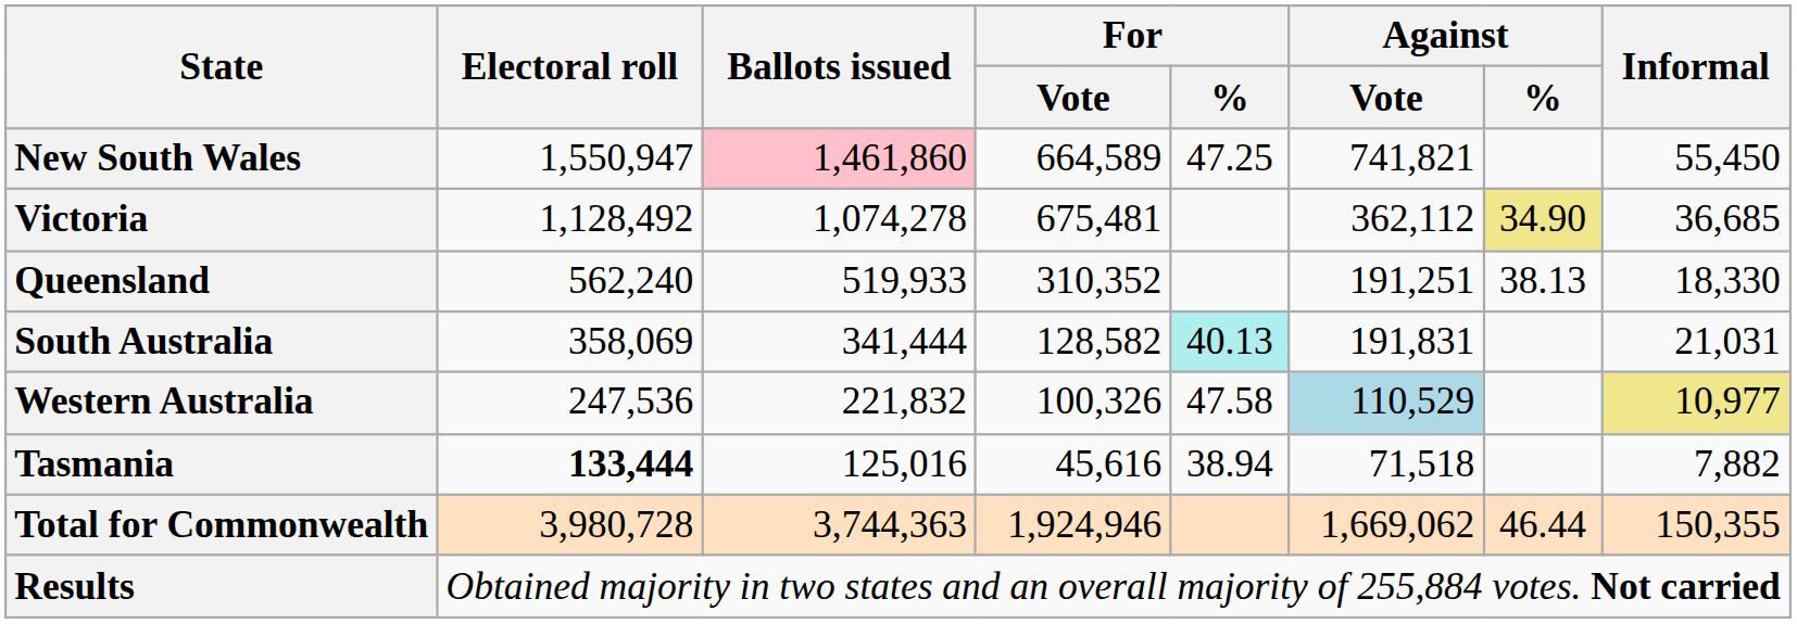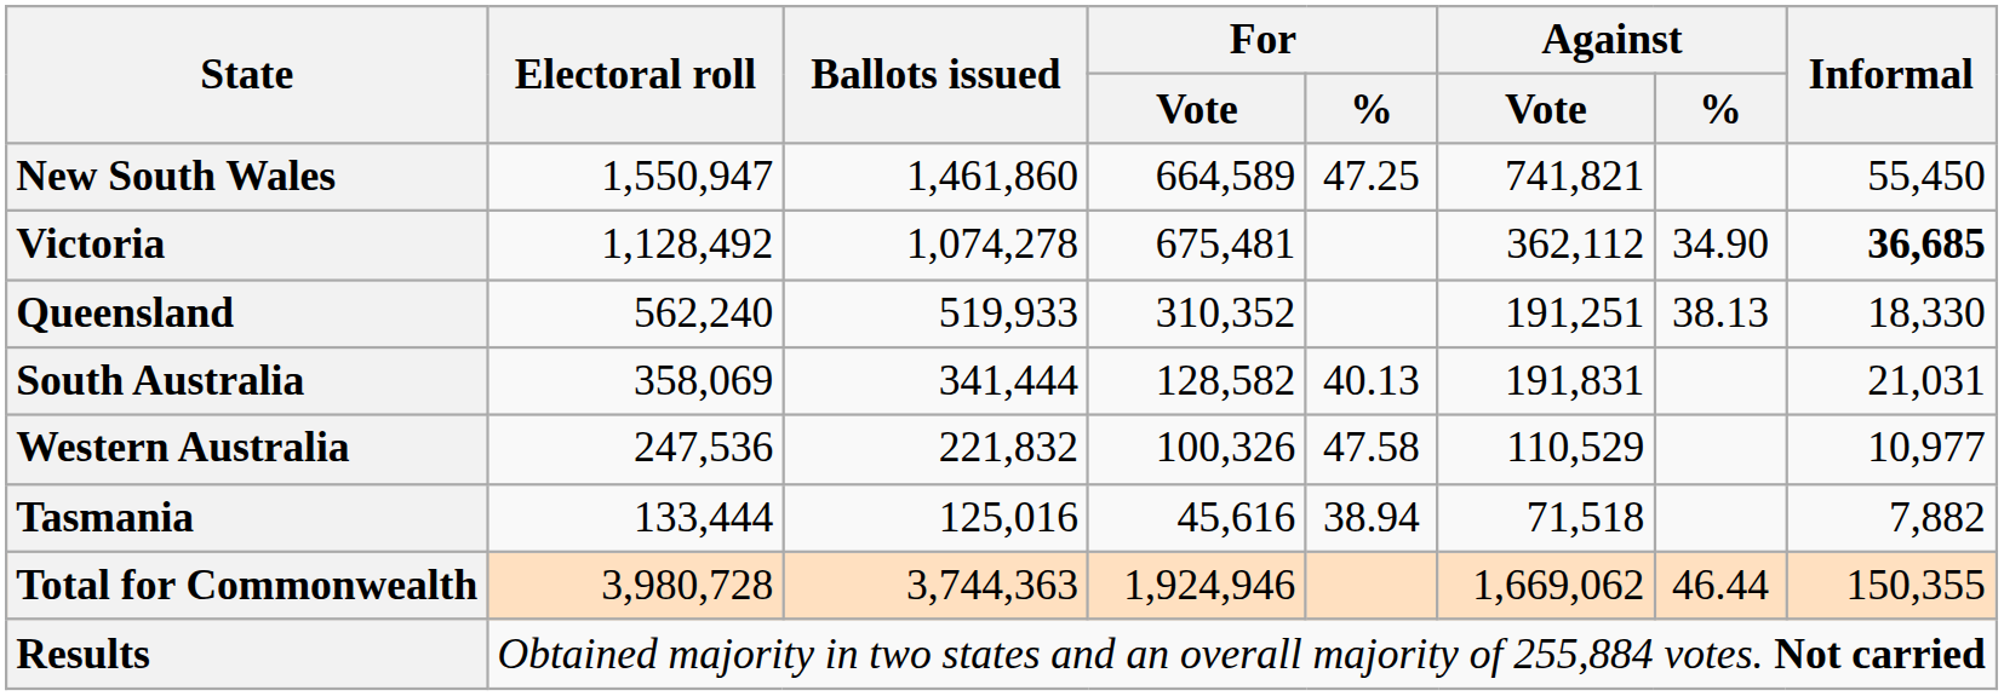 <table class="wikitable">
 <tr align=center>
 <th rowspan="2">State</th>
 <th rowspan="2">Electoral roll</th>
 <th rowspan="2">Ballots issued</th>
 <th align=center colspan="2">For</th>
 <th align=center colspan="2">Against</th>
 <th align=center rowspan="2">Informal</th>
 </tr>
 <tr>
 <th align=center>Vote</th>
 <th align=center>%</th>
 <th align=center>Vote</th>
 <th align=center>%</th>
 </tr>
 <tr align="right">
 <th style="text-align:left;">New South Wales</th>
 <td>1,550,947</td>
-<td style="background: pink;">1,461,860</td>
+<td>1,461,860</td>
 <td>664,589</td>
 <td align="center">47.25</td>
 <td>741,821</td>
 <td></td>
 <td>55,450</td>
 </tr>
 <tr align="right">
 <th style="text-align:left;">Victoria</th>
 <td>1,128,492</td>
 <td>1,074,278</td>
 <td>675,481</td>
 <td></td>
 <td>362,112</td>
-<td align="center" style="background: khaki;">34.90</td>
-<td>36,685</td>
+<td align="center">34.90</td>
+<td><strong>36,685</strong></td>
 </tr>
 <tr align="right">
 <th style="text-align:left;">Queensland</th>
 <td>562,240</td>
 <td>519,933</td>
 <td>310,352</td>
 <td></td>
 <td>191,251</td>
 <td align="center">38.13</td>
 <td>18,330</td>
 </tr>
 <tr align="right">
 <th style="text-align:left;">South Australia</th>
 <td>358,069</td>
 <td>341,444</td>
 <td>128,582</td>
-<td align="center" style="background: paleturquoise;">40.13</td>
+<td align="center">40.13</td>
 <td>191,831</td>
 <td></td>
 <td>21,031</td>
 </tr>
 <tr align="right">
 <th style="text-align:left;">Western Australia</th>
 <td>247,536</td>
 <td>221,832</td>
 <td>100,326</td>
 <td align="center">47.58</td>
-<td style="background: lightblue;">110,529</td>
+<td>110,529</td>
 <td></td>
-<td style="background: khaki;">10,977</td>
+<td>10,977</td>
 </tr>
 <tr align="right">
 <th style="text-align:left;">Tasmania</th>
-<td><strong>133,444</strong></td>
+<td>133,444</td>
 <td>125,016</td>
 <td>45,616</td>
 <td align="center">38.94</td>
 <td>71,518</td>
 <td></td>
 <td>7,882</td>
 </tr>
 <tr bgcolor=#FFE0C0 align="right">
 <th style="text-align:left">Total for Commonwealth</th>
 <td noWrap>3,980,728</td>
 <td noWrap>3,744,363</td>
 <td noWrap>1,924,946</td>
 <td></td>
 <td noWrap>1,669,062</td>
 <td nowrap align="center">46.44</td>
 <td noWrap>150,355</td>
 </tr>
 <tr>
 <th style="text-align:left;">Results</th>
 <td colSpan="8"><em>Obtained majority in two states and an overall majority of 255,884 votes.</em> <strong>Not carried</strong></td>
 </tr>
 </table>
